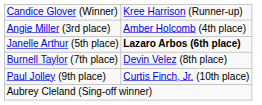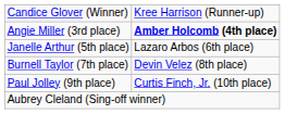 <table class="wikitable">
 <tr>
 <td><a href='#'>Candice Glover</a> (Winner)</td>
 <td><a href='#'>Kree Harrison</a> (Runner-up)</td>
 </tr>
 <tr>
 <td><a href='#'>Angie Miller</a> (3rd place)</td>
-<td><a href='#'>Amber Holcomb</a> (4th place)</td>
+<td><strong><a href='#'>Amber Holcomb</a> (4th place)</strong></td>
 </tr>
 <tr>
 <td><a href='#'>Janelle Arthur</a> (5th place)</td>
-<td><strong>Lazaro Arbos  (6th place)</strong></td>
+<td>Lazaro Arbos  (6th place)</td>
 </tr>
 <tr>
 <td><a href='#'>Burnell Taylor</a> (7th place)</td>
 <td><a href='#'>Devin Velez</a> (8th place)</td>
 </tr>
 <tr>
 <td><a href='#'>Paul Jolley</a> (9th place)</td>
 <td><a href='#'>Curtis Finch, Jr.</a> (10th place)</td>
 </tr>
 <tr>
 <td colspan="2">Aubrey Cleland (Sing-off winner)</td>
 </tr>
 </table>
